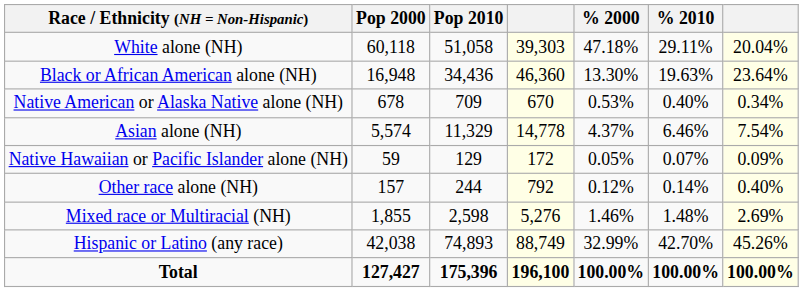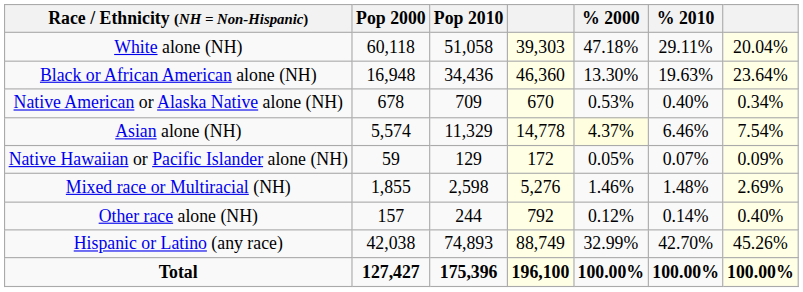 <table class="wikitable" style="text-align:center;">
 <tr>
 <th>Race / Ethnicity <small>(<em>NH = Non-Hispanic</em>)</small></th>
 <th>Pop 2000</th>
 <th>Pop 2010</th>
 <th></th>
 <th>% 2000</th>
 <th>% 2010</th>
 <th></th>
 </tr>
 <tr>
 <td><a href='#'>White</a> alone (NH)</td>
 <td>60,118</td>
 <td>51,058</td>
 <td style='background: #ffffe6;'>39,303</td>
 <td>47.18%</td>
 <td>29.11%</td>
 <td style='background: #ffffe6;'>20.04%</td>
 </tr>
 <tr>
 <td><a href='#'>Black or African American</a> alone (NH)</td>
 <td>16,948</td>
 <td>34,436</td>
 <td style='background: #ffffe6;'>46,360</td>
 <td>13.30%</td>
 <td>19.63%</td>
 <td style='background: #ffffe6;'>23.64%</td>
 </tr>
 <tr>
 <td><a href='#'>Native American</a> or <a href='#'>Alaska Native</a> alone (NH)</td>
 <td>678</td>
 <td>709</td>
 <td style='background: #ffffe6;'>670</td>
 <td>0.53%</td>
 <td>0.40%</td>
 <td style='background: #ffffe6;'>0.34%</td>
 </tr>
 <tr>
 <td><a href='#'>Asian</a> alone (NH)</td>
 <td>5,574</td>
 <td>11,329</td>
 <td style='background: #ffffe6;'>14,778</td>
-<td>4.37%</td>
+<td style="background: lightyellow;">4.37%</td>
 <td>6.46%</td>
 <td style='background: #ffffe6;'>7.54%</td>
 </tr>
 <tr>
 <td><a href='#'>Native Hawaiian</a> or <a href='#'>Pacific Islander</a> alone (NH)</td>
 <td>59</td>
 <td>129</td>
 <td style='background: #ffffe6;'>172</td>
 <td>0.05%</td>
 <td>0.07%</td>
 <td style='background: #ffffe6;'>0.09%</td>
 </tr>
 <tr>
+<td><a href='#'>Mixed race or Multiracial</a> (NH)</td>
+<td>1,855</td>
+<td>2,598</td>
+<td style='background: #ffffe6;'>5,276</td>
+<td>1.46%</td>
+<td>1.48%</td>
+<td style='background: #ffffe6;'>2.69%</td>
+</tr>
+<tr>
 <td><a href='#'>Other race</a> alone (NH)</td>
 <td>157</td>
 <td>244</td>
 <td style='background: #ffffe6;'>792</td>
 <td>0.12%</td>
 <td>0.14%</td>
 <td style='background: #ffffe6;'>0.40%</td>
-</tr>
-<tr>
-<td><a href='#'>Mixed race or Multiracial</a> (NH)</td>
-<td>1,855</td>
-<td>2,598</td>
-<td style='background: #ffffe6;'>5,276</td>
-<td>1.46%</td>
-<td>1.48%</td>
-<td style='background: #ffffe6;'>2.69%</td>
 </tr>
 <tr>
 <td><a href='#'>Hispanic or Latino</a> (any race)</td>
 <td>42,038</td>
 <td>74,893</td>
 <td style='background: #ffffe6;'>88,749</td>
 <td>32.99%</td>
 <td>42.70%</td>
 <td style='background: #ffffe6;'>45.26%</td>
 </tr>
 <tr>
 <td><strong>Total</strong></td>
 <td><strong>127,427</strong></td>
 <td><strong>175,396</strong></td>
 <td style='background: #ffffe6;'><strong>196,100</strong></td>
 <td><strong>100.00%</strong></td>
 <td><strong>100.00%</strong></td>
 <td style='background: #ffffe6;'><strong>100.00%</strong></td>
 </tr>
 </table>
